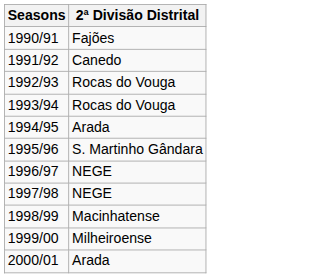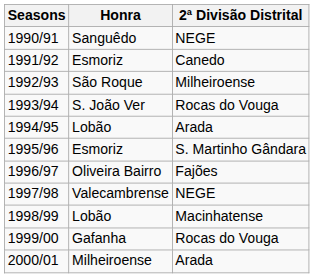 <table class="wikitable" style="text-align:left">
 <tr>
 <th style= style="width:80px;">Seasons</th>
+<th style= style="width:200px;">Honra</th>
 <th style= style="width:200px;">2ª Divisão Distrital</th>
 </tr>
 <tr>
 <td>1990/91</td>
-<td>Fajões</td>
+<td>Sanguêdo</td>
+<td>NEGE</td>
 </tr>
 <tr>
 <td>1991/92</td>
+<td>Esmoriz</td>
 <td>Canedo</td>
 </tr>
 <tr>
 <td>1992/93</td>
-<td>Rocas do Vouga</td>
+<td>São Roque</td>
+<td>Milheiroense</td>
 </tr>
 <tr>
 <td>1993/94</td>
+<td>S. João Ver</td>
 <td>Rocas do Vouga</td>
 </tr>
 <tr>
 <td>1994/95</td>
+<td>Lobão</td>
 <td>Arada</td>
 </tr>
 <tr>
 <td>1995/96</td>
+<td>Esmoriz</td>
 <td>S. Martinho Gândara</td>
 </tr>
 <tr>
 <td>1996/97</td>
-<td>NEGE</td>
+<td>Oliveira Bairro</td>
+<td>Fajões</td>
 </tr>
 <tr>
 <td>1997/98</td>
+<td>Valecambrense</td>
 <td>NEGE</td>
 </tr>
 <tr>
 <td>1998/99</td>
+<td>Lobão</td>
 <td>Macinhatense</td>
 </tr>
 <tr>
 <td>1999/00</td>
-<td>Milheiroense</td>
+<td>Gafanha</td>
+<td>Rocas do Vouga</td>
 </tr>
 <tr>
 <td>2000/01</td>
+<td>Milheiroense</td>
 <td>Arada</td>
 </tr>
 </table>
